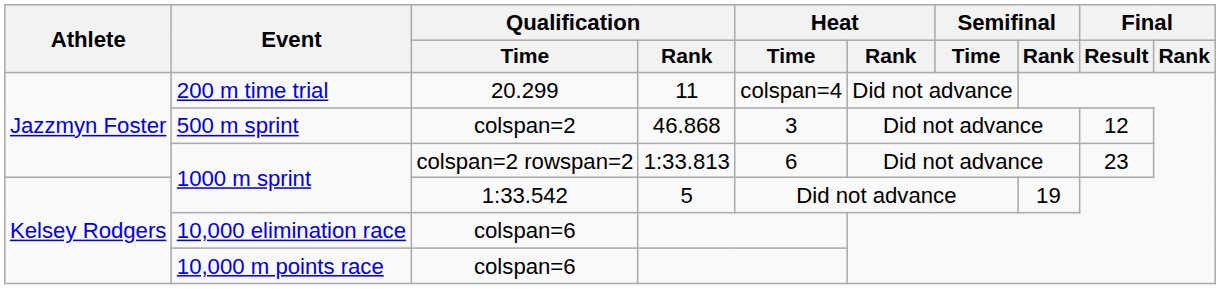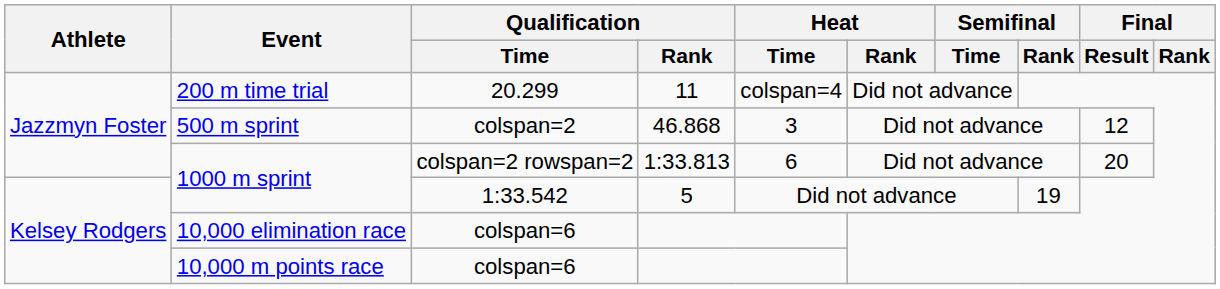 <table class=wikitable style=font-size:90%;text-align:center>
 <tr>
 <th rowspan=2>Athlete</th>
 <th rowspan=2>Event</th>
 <th colspan=2>Qualification</th>
 <th colspan=2>Heat</th>
 <th colspan=2>Semifinal</th>
 <th colspan=2>Final</th>
 </tr>
 <tr style=font-size:95%>
 <th>Time</th>
 <th>Rank</th>
 <th>Time</th>
 <th>Rank</th>
 <th>Time</th>
 <th>Rank</th>
 <th>Result</th>
 <th>Rank</th>
 </tr>
 <tr>
 <td align=left rowspan=3><a href='#'>Jazzmyn Foster</a></td>
 <td align=left><a href='#'>200 m time trial</a></td>
 <td>20.299</td>
 <td>11</td>
 <td>colspan=4 </td>
 <td colspan=2>Did not advance</td>
 </tr>
 <tr>
 <td align=left><a href='#'>500 m sprint</a></td>
 <td>colspan=2 </td>
 <td>46.868</td>
 <td>3</td>
 <td colspan=3>Did not advance</td>
 <td>12</td>
 </tr>
 <tr>
 <td align=left rowspan=2><a href='#'>1000 m sprint</a></td>
 <td>colspan=2 rowspan=2 </td>
 <td>1:33.813</td>
 <td>6</td>
 <td colspan=3>Did not advance</td>
-<td>23</td>
+<td>20</td>
 </tr>
 <tr>
 <td align=left rowspan=3><a href='#'>Kelsey Rodgers</a></td>
 <td>1:33.542</td>
 <td>5</td>
 <td colspan=3>Did not advance</td>
 <td>19</td>
 </tr>
 <tr>
 <td align=left><a href='#'>10,000 elimination race</a></td>
 <td>colspan=6 </td>
 <td colspan=2></td>
 </tr>
 <tr>
 <td align=left><a href='#'>10,000 m points race</a></td>
 <td>colspan=6 </td>
 <td colspan=2></td>
 </tr>
 </table>
